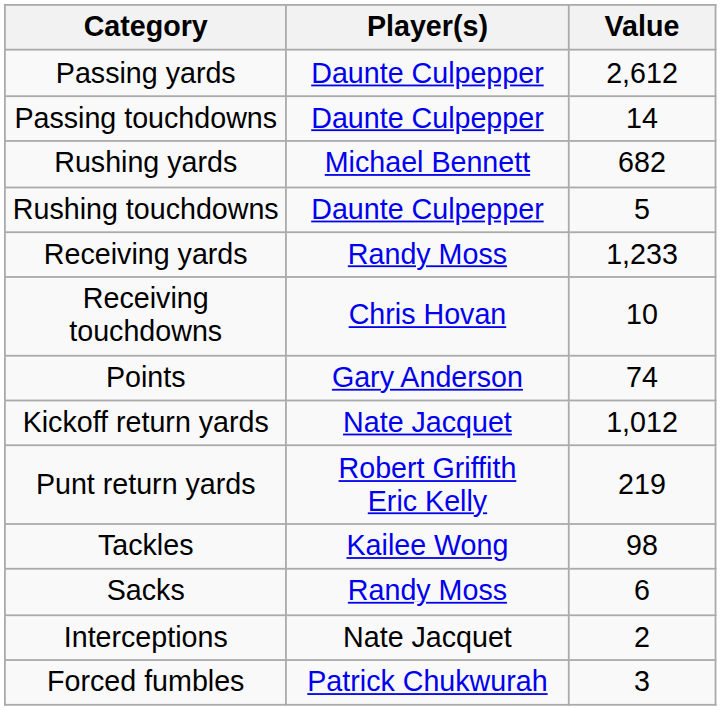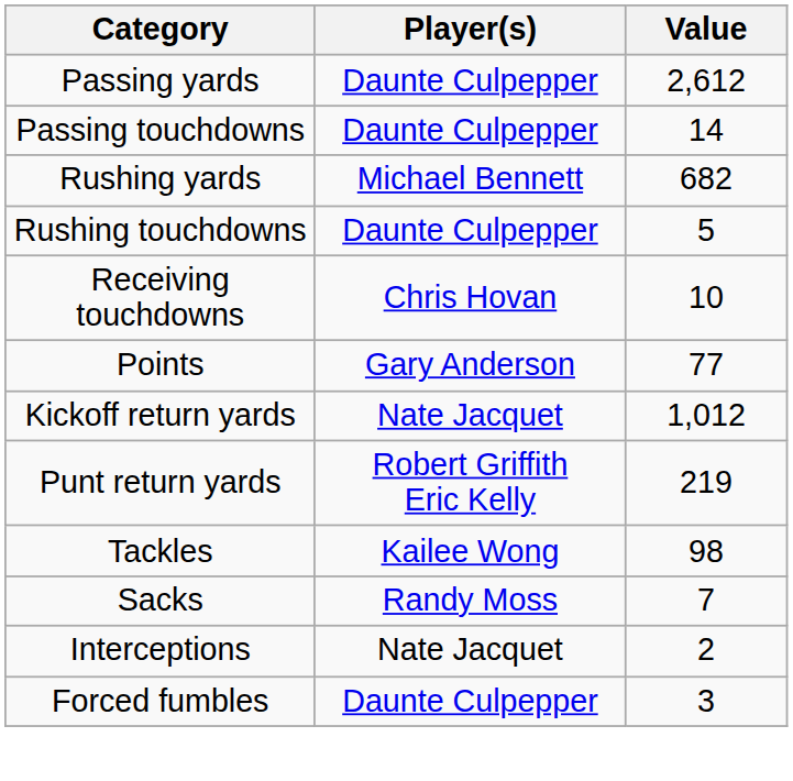 <table class="wikitable" style="text-align:center">
 <tr>
 <th width=150px>Category</th>
 <th width=150px>Player(s)</th>
 <th width=75px>Value</th>
 </tr>
 <tr>
 <td>Passing yards</td>
 <td><a href='#'>Daunte Culpepper</a></td>
 <td>2,612</td>
 </tr>
 <tr>
 <td>Passing touchdowns</td>
 <td><a href='#'>Daunte Culpepper</a></td>
 <td>14</td>
 </tr>
 <tr>
 <td>Rushing yards</td>
 <td><a href='#'>Michael Bennett</a></td>
 <td>682</td>
 </tr>
 <tr>
 <td>Rushing touchdowns</td>
 <td><a href='#'>Daunte Culpepper</a></td>
 <td>5</td>
 </tr>
 <tr>
-<td>Receiving yards</td>
-<td><a href='#'>Randy Moss</a></td>
-<td>1,233</td>
-</tr>
-<tr>
 <td>Receiving touchdowns</td>
 <td><a href='#'>Chris Hovan</a></td>
 <td>10</td>
 </tr>
 <tr>
 <td>Points</td>
 <td><a href='#'>Gary Anderson</a></td>
-<td>74</td>
+<td>77</td>
 </tr>
 <tr>
 <td>Kickoff return yards</td>
 <td><a href='#'>Nate Jacquet</a></td>
 <td>1,012</td>
 </tr>
 <tr>
 <td>Punt return yards</td>
 <td><a href='#'>Robert Griffith</a><br><a href='#'>Eric Kelly</a></td>
 <td>219</td>
 </tr>
 <tr>
 <td>Tackles</td>
 <td><a href='#'>Kailee Wong</a></td>
 <td>98</td>
 </tr>
 <tr>
 <td>Sacks</td>
 <td><a href='#'>Randy Moss</a></td>
-<td>6</td>
+<td>7</td>
 </tr>
 <tr>
 <td>Interceptions</td>
 <td>Nate Jacquet</td>
 <td>2</td>
 </tr>
 <tr>
 <td>Forced fumbles</td>
-<td><a href='#'>Patrick Chukwurah</a></td>
+<td><a href='#'>Daunte Culpepper</a></td>
 <td>3</td>
 </tr>
 </table>
